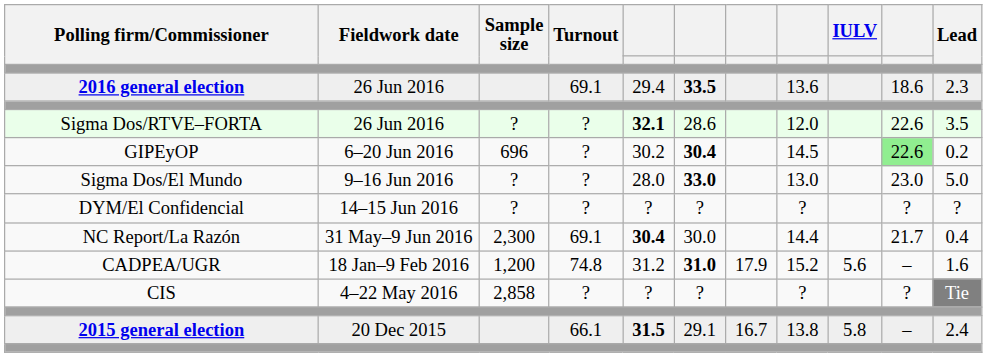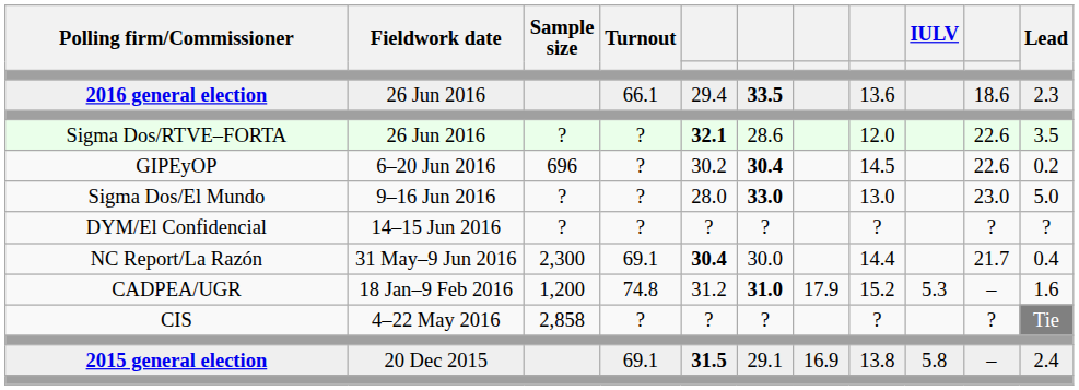 <table class="wikitable collapsible collapsed" style="text-align:center; font-size:95%; line-height:16px;">
 <tr style="height:42px; background-color:#E9E9E9">
 <th style="width:250px;" rowspan="2">Polling firm/Commissioner</th>
 <th style="width:125px;" rowspan="2">Fieldwork date</th>
 <th style="width:50px;" rowspan="2">Sample size</th>
 <th style="width:45px;" rowspan="2">Turnout</th>
 <th style="width:35px;"></th>
 <th style="width:35px;"></th>
 <th style="width:35px;"></th>
 <th style="width:35px;"></th>
 <th style="width:35px;"><a href='#'>IULV</a></th>
 <th style="width:35px;"></th>
 <th style="width:30px;" rowspan="2">Lead</th>
 </tr>
 <tr>
 <th style="color:inherit;background:"></th>
 <th style="color:inherit;background:"></th>
 <th style="color:inherit;background:"></th>
 <th style="color:inherit;background:"></th>
 <th style="color:inherit;background:"></th>
 <th style="color:inherit;background:"></th>
 </tr>
 <tr>
 <td colspan="11" style="background:#A0A0A0"></td>
 </tr>
 <tr style="background:#EFEFEF;">
 <td><strong><a href='#'>2016 general election</a></strong></td>
 <td>26 Jun 2016</td>
 <td></td>
-<td>69.1</td>
+<td>66.1</td>
 <td>29.4</td>
 <td><strong>33.5</strong><br></td>
 <td></td>
 <td>13.6<br></td>
 <td></td>
 <td>18.6<br></td>
 <td style="background:">2.3</td>
 </tr>
 <tr>
 <td colspan="11" style="background:#A0A0A0"></td>
 </tr>
 <tr style="background:#EAFFEA;">
 <td>Sigma Dos/RTVE–FORTA</td>
 <td>26 Jun 2016</td>
 <td>?</td>
 <td>?</td>
 <td><strong>32.1</strong><br></td>
 <td>28.6<br></td>
 <td></td>
 <td>12.0<br></td>
 <td></td>
 <td>22.6<br></td>
 <td style="background:">3.5</td>
 </tr>
 <tr>
 <td>GIPEyOP</td>
 <td>6–20 Jun 2016</td>
 <td>696</td>
 <td>?</td>
 <td>30.2<br></td>
 <td><strong>30.4</strong><br></td>
 <td></td>
 <td>14.5<br></td>
 <td></td>
-<td style="background: lightgreen;">22.6<br></td>
+<td>22.6<br></td>
 <td style="background:">0.2</td>
 </tr>
 <tr>
 <td>Sigma Dos/El Mundo</td>
 <td>9–16 Jun 2016</td>
 <td>?</td>
 <td>?</td>
 <td>28.0<br></td>
 <td><strong>33.0</strong><br></td>
 <td></td>
 <td>13.0<br></td>
 <td></td>
 <td>23.0<br></td>
 <td style="background:">5.0</td>
 </tr>
 <tr>
 <td>DYM/El Confidencial</td>
 <td>14–15 Jun 2016</td>
 <td>?</td>
 <td>?</td>
 <td>?<br></td>
 <td>?<br></td>
 <td></td>
 <td>?<br></td>
 <td></td>
 <td>?<br></td>
 <td style="background:">?</td>
 </tr>
 <tr>
 <td>NC Report/La Razón</td>
 <td>31 May–9 Jun 2016</td>
 <td>2,300</td>
 <td>69.1</td>
 <td><strong>30.4</strong><br></td>
 <td>30.0<br></td>
 <td></td>
 <td>14.4<br></td>
 <td></td>
 <td>21.7<br></td>
 <td style="background:">0.4</td>
 </tr>
 <tr>
 <td>CADPEA/UGR</td>
 <td>18 Jan–9 Feb 2016</td>
 <td>1,200</td>
 <td>74.8</td>
 <td>31.2<br></td>
 <td><strong>31.0</strong></td>
 <td>17.9</td>
 <td>15.2</td>
-<td>5.6</td>
+<td>5.3</td>
 <td>–</td>
 <td style="background:">1.6</td>
 </tr>
 <tr>
 <td>CIS</td>
 <td>4–22 May 2016</td>
 <td>2,858</td>
 <td>?</td>
 <td>?<br></td>
 <td>?<br></td>
 <td></td>
 <td>?<br></td>
 <td></td>
 <td>?<br></td>
 <td style="background:gray;color:white;">Tie</td>
 </tr>
 <tr>
 <td colspan="11" style="background:#A0A0A0"></td>
 </tr>
 <tr style="background:#EFEFEF;">
 <td><strong><a href='#'>2015 general election</a></strong></td>
 <td>20 Dec 2015</td>
 <td></td>
-<td>66.1</td>
+<td>69.1</td>
 <td><strong>31.5</strong><br></td>
 <td>29.1<br></td>
-<td>16.7<br></td>
+<td>16.9<br></td>
 <td>13.8<br></td>
 <td>5.8<br></td>
 <td>–</td>
 <td style="background:">2.4</td>
 </tr>
 <tr>
 <td colspan="11" style="background:#A0A0A0"></td>
 </tr>
 </table>
